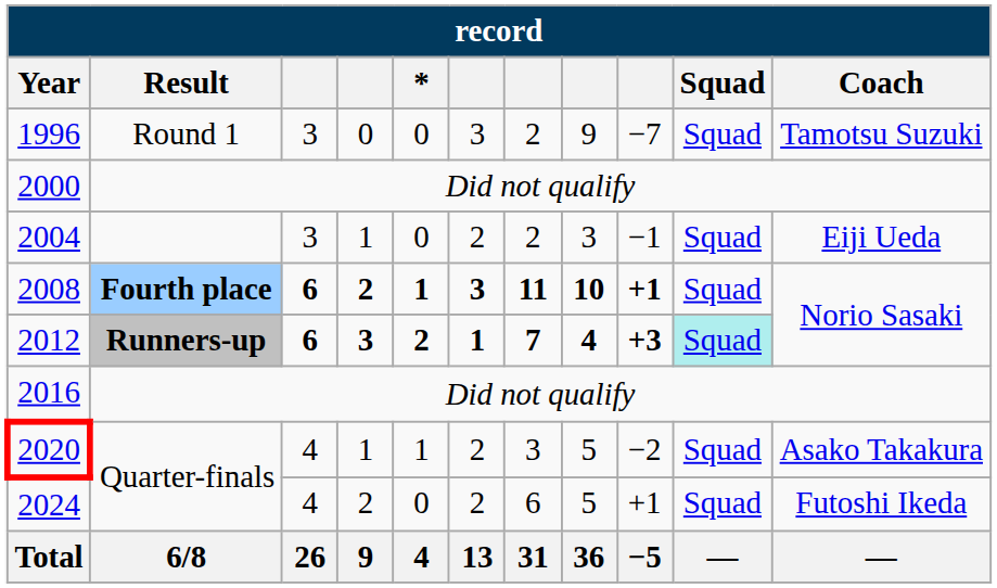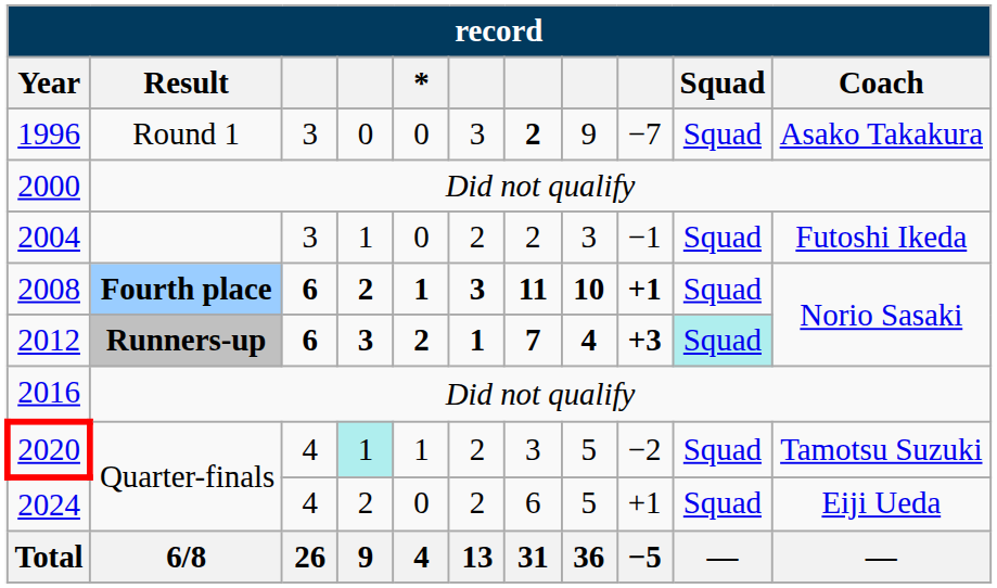 <table class="wikitable mw-collapsible" style="text-align: center;font-size:95%;">
 <tr>
 <th colspan="11" style="background: #013A5E; color: #FFFFFF;"> <a href='#'></a> record</th>
 </tr>
 <tr>
 <th>Year</th>
 <th>Result</th>
 <th width=20></th>
 <th width=20></th>
 <th width=20>*</th>
 <th width=20></th>
 <th width=20></th>
 <th width=20></th>
 <th width=20></th>
 <th>Squad</th>
 <th>Coach</th>
 </tr>
 <tr>
 <td> <a href='#'>1996</a></td>
 <td>Round 1</td>
 <td>3</td>
 <td>0</td>
 <td>0</td>
 <td>3</td>
-<td>2</td>
+<td><strong>2</strong></td>
 <td>9</td>
 <td>−7</td>
 <td><a href='#'>Squad</a></td>
-<td><a href='#'>Tamotsu Suzuki</a></td>
+<td><a href='#'>Asako Takakura</a></td>
 </tr>
 <tr>
 <td> <a href='#'>2000</a></td>
 <td colspan=10><em>Did not qualify</em></td>
 </tr>
 <tr>
 <td> <a href='#'>2004</a></td>
 <td></td>
 <td>3</td>
 <td>1</td>
 <td>0</td>
 <td>2</td>
 <td>2</td>
 <td>3</td>
 <td>−1</td>
 <td><a href='#'>Squad</a></td>
-<td><a href='#'>Eiji Ueda</a></td>
+<td><a href='#'>Futoshi Ikeda</a></td>
 </tr>
 <tr>
 <td> <a href='#'>2008</a></td>
 <td style="background:#9acdff;"><strong>Fourth place</strong></td>
 <td><strong>6</strong></td>
 <td><strong>2</strong></td>
 <td><strong>1</strong></td>
 <td><strong>3</strong></td>
 <td><strong>11</strong></td>
 <td><strong>10</strong></td>
 <td><strong>+1</strong></td>
 <td><a href='#'>Squad</a></td>
 <td rowspan="2"><a href='#'>Norio Sasaki</a></td>
 </tr>
 <tr>
 <td> <a href='#'>2012</a></td>
 <td style="background:silver;"><strong>Runners-up</strong></td>
 <td><strong>6</strong></td>
 <td><strong>3</strong></td>
 <td><strong>2</strong></td>
 <td><strong>1</strong></td>
 <td><strong>7</strong></td>
 <td><strong>4</strong></td>
 <td><strong>+3</strong></td>
 <td style="background: paleturquoise;"><a href='#'>Squad</a></td>
 </tr>
 <tr>
 <td> <a href='#'>2016</a></td>
 <td colspan=10><em>Did not qualify</em></td>
 </tr>
 <tr>
 <td style="border: 3px solid red"> <a href='#'>2020</a></td>
 <td rowspan=2>Quarter-finals</td>
 <td>4</td>
-<td>1</td>
+<td style="background: paleturquoise;">1</td>
 <td>1</td>
 <td>2</td>
 <td>3</td>
 <td>5</td>
 <td>−2</td>
 <td><a href='#'>Squad</a></td>
-<td><a href='#'>Asako Takakura</a></td>
+<td><a href='#'>Tamotsu Suzuki</a></td>
 </tr>
 <tr>
 <td> <a href='#'>2024</a></td>
 <td>4</td>
 <td>2</td>
 <td>0</td>
 <td>2</td>
 <td>6</td>
 <td>5</td>
 <td>+1</td>
 <td><a href='#'>Squad</a></td>
-<td><a href='#'>Futoshi Ikeda</a></td>
+<td><a href='#'>Eiji Ueda</a></td>
 </tr>
 <tr>
 <th>Total</th>
 <th>6/8</th>
 <th>26</th>
 <th>9</th>
 <th>4</th>
 <th>13</th>
 <th>31</th>
 <th>36</th>
 <th>−5</th>
 <th>—</th>
 <th>—</th>
 </tr>
 </table>
